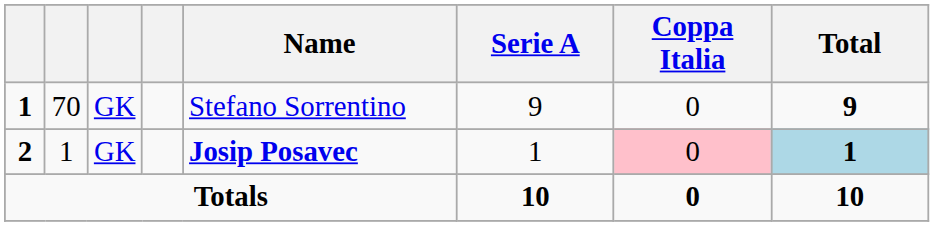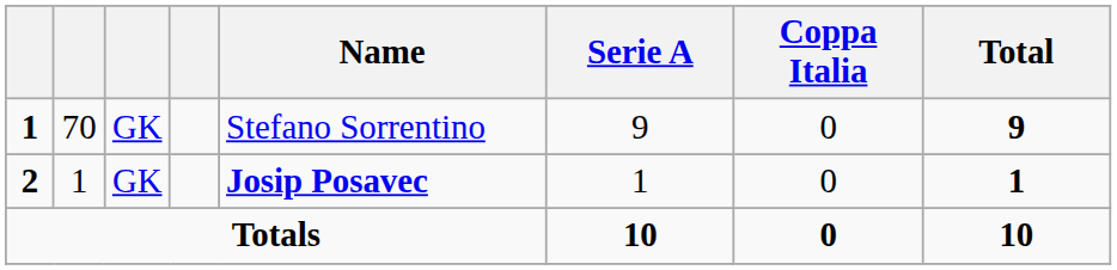 <table class="wikitable" style="text-align:center">
 <tr>
 <th width=15></th>
 <th width=15></th>
 <th width=15></th>
 <th width=15></th>
 <th width=145>Name</th>
 <th width=80><a href='#'>Serie A</a></th>
 <th width=80><a href='#'>Coppa Italia</a></th>
 <th width=80>Total</th>
 </tr>
 <tr>
 <td><strong>1</strong></td>
 <td>70</td>
 <td><a href='#'>GK</a></td>
 <td></td>
 <td align=left><a href='#'>Stefano Sorrentino</a></td>
 <td>9</td>
 <td>0</td>
 <td><strong>9</strong></td>
 </tr>
 <tr>
 <td><strong>2</strong></td>
 <td>1</td>
 <td><a href='#'>GK</a></td>
 <td></td>
 <td align=left><strong><a href='#'>Josip Posavec</a></strong></td>
 <td>1</td>
-<td style="background: pink;">0</td>
-<td style="background: lightblue;"><strong>1</strong></td>
+<td>0</td>
+<td><strong>1</strong></td>
 </tr>
 <tr>
 <td colspan=5><strong>Totals</strong></td>
 <td><strong>10</strong></td>
 <td><strong>0</strong></td>
 <td><strong>10</strong></td>
 </tr>
 </table>
